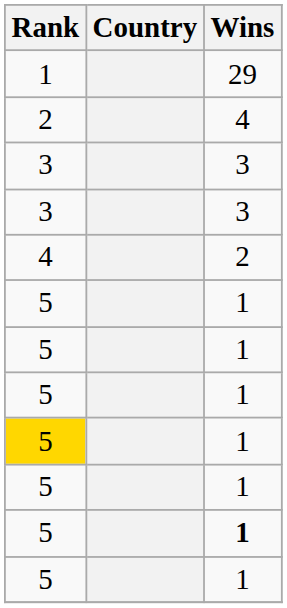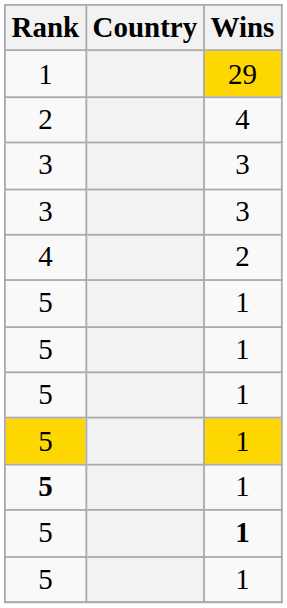 <table class="sortable wikitable plainrowheaders">
 <tr>
 <th scope="col">Rank</th>
 <th scope="col">Country</th>
 <th scope="col">Wins</th>
 </tr>
 <tr>
 <td align=center>1</td>
 <th scope="row"></th>
-<td align=center>29</td>
+<td align=center style="background: gold;">29</td>
 </tr>
 <tr>
 <td align=center>2</td>
 <th scope="row"></th>
 <td align=center>4</td>
 </tr>
 <tr>
 <td align=center>3</td>
 <th scope="row"></th>
 <td align=center>3</td>
 </tr>
 <tr>
 <td align=center>3</td>
 <th scope="row"></th>
 <td align=center>3</td>
 </tr>
 <tr>
 <td align=center>4</td>
 <th scope="row"></th>
 <td align=center>2</td>
 </tr>
 <tr>
 <td align=center>5</td>
 <th scope="row"></th>
 <td align=center>1</td>
 </tr>
 <tr>
 <td align=center>5</td>
 <th scope="row"></th>
 <td align=center>1</td>
 </tr>
 <tr>
 <td align=center>5</td>
 <th scope="row"></th>
 <td align=center>1</td>
 </tr>
 <tr>
 <td align=center style="background: gold;">5</td>
 <th scope="row"></th>
-<td align=center>1</td>
+<td align=center style="background: gold;">1</td>
 </tr>
 <tr>
-<td align=center>5</td>
+<td align=center><strong>5</strong></td>
 <th scope="row"></th>
 <td align=center>1</td>
 </tr>
 <tr>
 <td align=center>5</td>
 <th scope="row"></th>
 <td align=center><strong>1</strong></td>
 </tr>
 <tr>
 <td align=center>5</td>
 <th scope="row"></th>
 <td align=center>1</td>
 </tr>
 <tr>
 </tr>
 </table>
